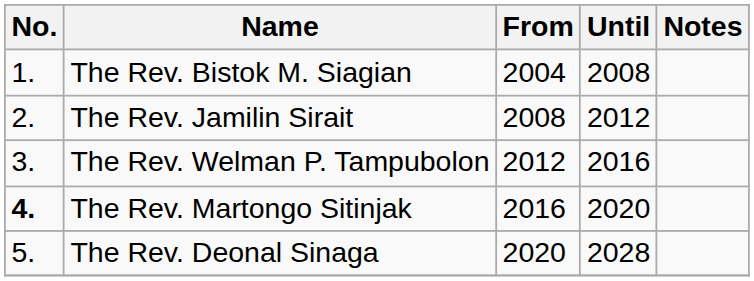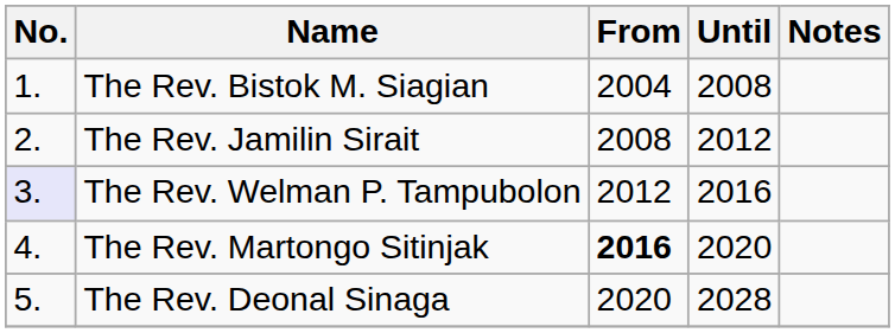 <table class="wikitable">
 <tr>
 <th>No.</th>
 <th>Name</th>
 <th>From</th>
 <th>Until</th>
 <th>Notes</th>
 </tr>
 <tr>
 <td>1.</td>
 <td>The Rev. Bistok M. Siagian</td>
 <td>2004</td>
 <td>2008</td>
 <td></td>
 </tr>
 <tr>
 <td>2.</td>
 <td>The Rev. Jamilin Sirait</td>
 <td>2008</td>
 <td>2012</td>
 <td></td>
 </tr>
 <tr>
-<td>3.</td>
+<td style="background: lavender;">3.</td>
 <td>The Rev. Welman P. Tampubolon</td>
 <td>2012</td>
 <td>2016</td>
 <td></td>
 </tr>
 <tr>
-<td><strong>4.</strong></td>
+<td>4.</td>
 <td>The Rev. Martongo Sitinjak</td>
-<td>2016</td>
+<td><strong>2016</strong></td>
 <td>2020</td>
 <td></td>
 </tr>
 <tr>
 <td>5.</td>
 <td>The Rev. Deonal Sinaga</td>
 <td>2020</td>
 <td>2028</td>
 <td></td>
 </tr>
 <tr>
 </tr>
 </table>
